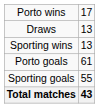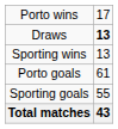 <table class="wikitable" style="text-align:center">
 <tr>
 <td>Porto wins</td>
 <td>17</td>
 </tr>
 <tr>
 <td>Draws</td>
-<td>13</td>
+<td><strong>13</strong></td>
 </tr>
 <tr>
 <td>Sporting wins</td>
 <td>13</td>
 </tr>
 <tr>
 <td>Porto goals</td>
 <td>61</td>
 </tr>
 <tr>
 <td>Sporting goals</td>
 <td>55</td>
 </tr>
 <tr>
 <th>Total matches</th>
 <th>43</th>
 </tr>
 </table>
